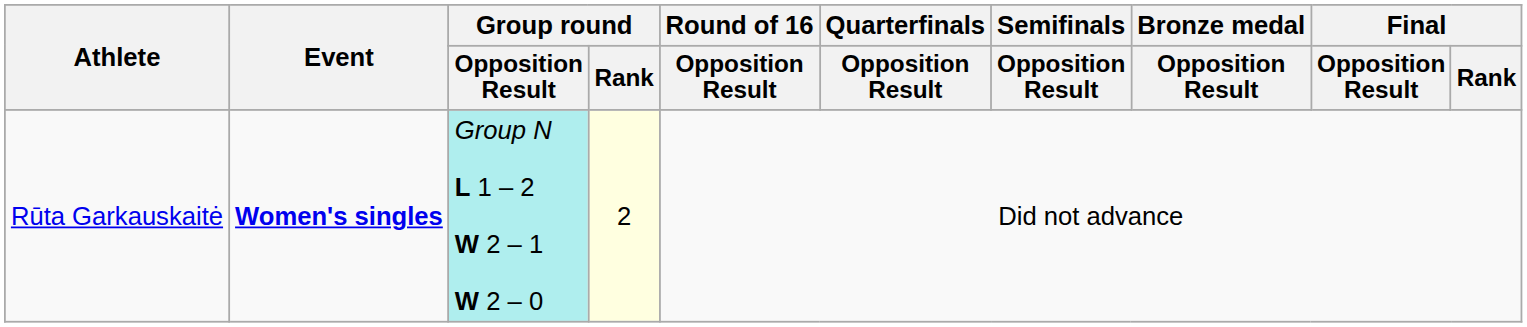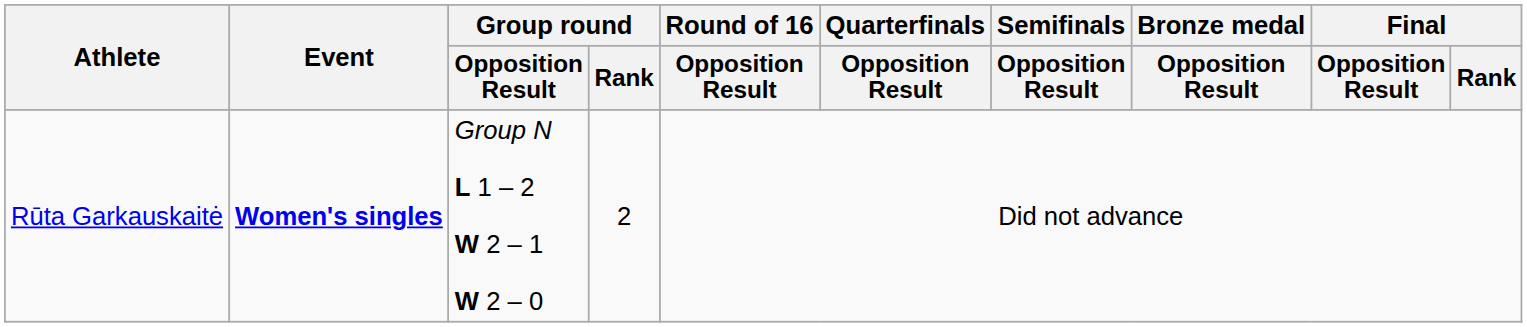 <table class="wikitable" style="font-size:90%;">
 <tr>
 <th rowspan="2">Athlete</th>
 <th rowspan="2">Event</th>
 <th colspan="2">Group round</th>
 <th>Round of 16</th>
 <th>Quarterfinals</th>
 <th>Semifinals</th>
 <th>Bronze medal</th>
 <th colspan=2>Final</th>
 </tr>
 <tr style="font-size:95%">
 <th>Opposition<br>Result</th>
 <th>Rank</th>
 <th>Opposition<br>Result</th>
 <th>Opposition<br>Result</th>
 <th>Opposition<br>Result</th>
 <th>Opposition<br>Result</th>
 <th>Opposition<br>Result</th>
 <th>Rank</th>
 </tr>
 <tr align=center>
 <td align=left><a href='#'>Rūta Garkauskaitė</a></td>
 <td align=left><strong><a href='#'>Women's singles</a></strong></td>
-<td align=left style="background: paleturquoise;"><em>Group N</em><br><br><strong>L</strong> 1 – 2<br><br><strong>W</strong> 2 – 1<br><br><strong>W</strong> 2 – 0</td>
-<td style="background: lightyellow;">2</td>
+<td align=left><em>Group N</em><br><br><strong>L</strong> 1 – 2<br><br><strong>W</strong> 2 – 1<br><br><strong>W</strong> 2 – 0</td>
+<td>2</td>
 <td colspan=6>Did not advance</td>
 </tr>
 </table>
